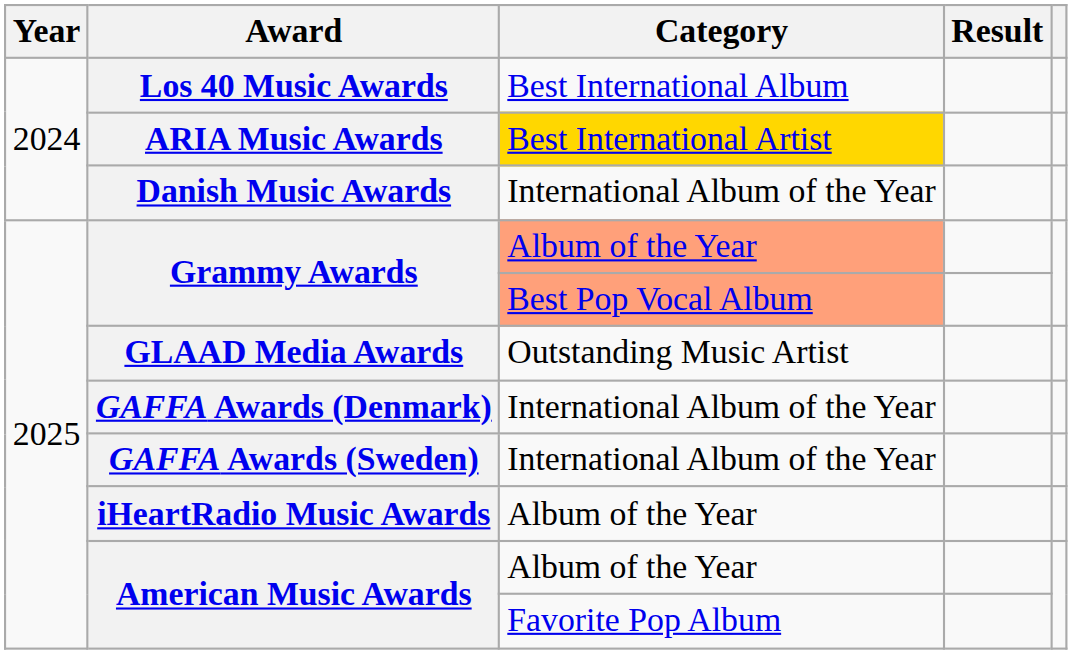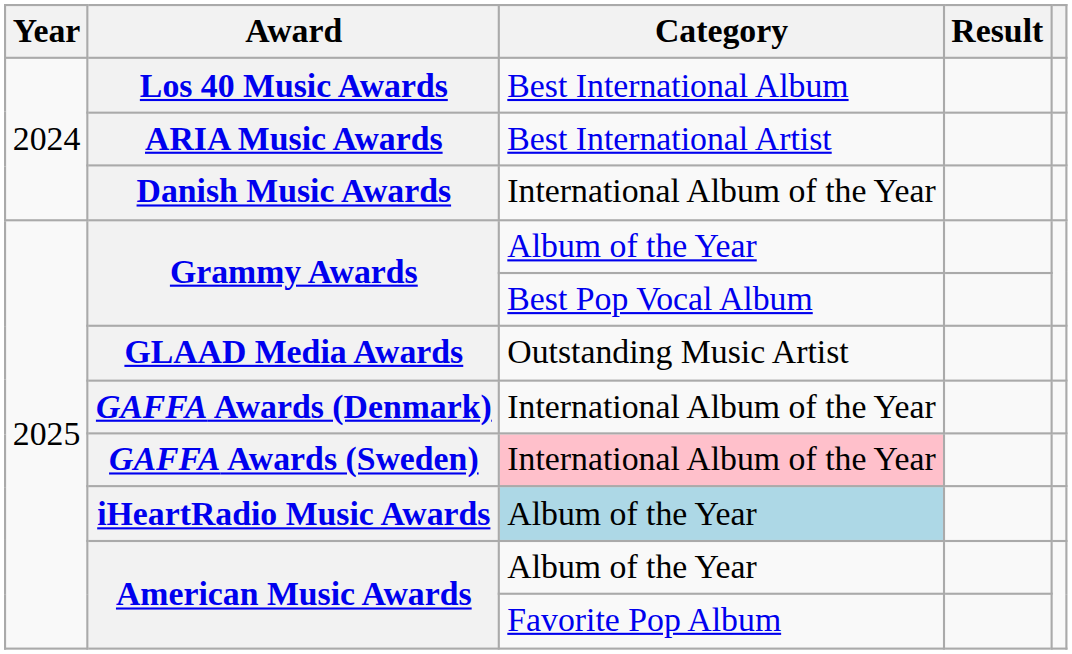 <table class="wikitable sortable plainrowheaders">
 <tr>
 <th scope="col">Year</th>
 <th scope="col">Award</th>
 <th scope="col">Category</th>
 <th scope="col">Result</th>
 <th class="unsortable"></th>
 </tr>
 <tr>
 <td rowspan="3" style="text-align:center">2024</td>
 <th scope="row"><a href='#'>Los 40 Music Awards</a></th>
 <td><a href='#'>Best International Album</a></td>
 <td></td>
 <td style="text-align:center;"></td>
 </tr>
 <tr>
 <th scope="row"><a href='#'>ARIA Music Awards</a></th>
-<td style="background: gold;"><a href='#'>Best International Artist</a></td>
+<td><a href='#'>Best International Artist</a></td>
 <td></td>
 <td style="text-align:center"></td>
 </tr>
 <tr>
 <th scope="row"><a href='#'>Danish Music Awards</a></th>
 <td>International Album of the Year</td>
 <td></td>
 <td style="text-align:center;"></td>
 </tr>
 <tr>
 <td rowspan="8" style="text-align:center">2025</td>
 <th rowspan="2" scope="row"><a href='#'>Grammy Awards</a></th>
-<td style="background: lightsalmon;"><a href='#'>Album of the Year</a></td>
+<td><a href='#'>Album of the Year</a></td>
 <td></td>
 <td rowspan="2" style="text-align:center"></td>
 </tr>
 <tr>
-<td style="background: lightsalmon;"><a href='#'>Best Pop Vocal Album</a></td>
+<td><a href='#'>Best Pop Vocal Album</a></td>
 <td></td>
 </tr>
 <tr>
 <th scope="row"><a href='#'>GLAAD Media Awards</a></th>
 <td>Outstanding Music Artist</td>
 <td></td>
 <td style="text-align:center"></td>
 </tr>
 <tr>
 <th scope="row"><a href='#'><em>GAFFA</em> Awards (Denmark)</a></th>
 <td>International Album of the Year</td>
 <td></td>
 <td style="text-align:center"></td>
 </tr>
 <tr>
 <th scope="row"><a href='#'><em>GAFFA</em> Awards (Sweden)</a></th>
-<td>International Album of the Year</td>
+<td style="background: pink;">International Album of the Year</td>
 <td></td>
 <td style="text-align:center;"></td>
 </tr>
 <tr>
 <th scope="row"><a href='#'>iHeartRadio Music Awards</a></th>
-<td>Album of the Year</td>
+<td style="background: lightblue;">Album of the Year</td>
 <td></td>
 <td style="text-align:center"></td>
 </tr>
 <tr>
 <th rowspan="2" scope="row"><a href='#'>American Music Awards</a></th>
 <td>Album of the Year</td>
 <td></td>
 <td rowspan="2" style="text-align:center"></td>
 </tr>
 <tr>
 <td><a href='#'>Favorite Pop Album</a></td>
 <td></td>
 </tr>
 </table>
